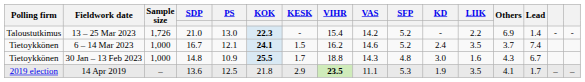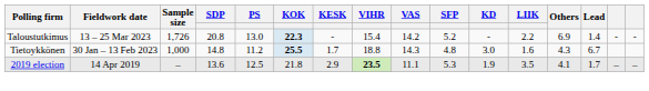 <table class="wikitable sortable mw-datatable" style="text-align:center;font-size:90%;line-height:14px;">
 <tr>
 <th rowspan="2">Polling firm</th>
 <th rowspan="2">Fieldwork date</th>
 <th rowspan="2">Sample<br>size</th>
 <th class="unsortable" style="width:50px;"><a href='#'>SDP</a></th>
 <th class="unsortable" style="width:50px;"><a href='#'>PS</a></th>
 <th class="unsortable" style="width:50px;"><a href='#'>KOK</a></th>
 <th class="unsortable" style="width:50px;"><a href='#'>KESK</a></th>
 <th class="unsortable" style="width:50px;"><a href='#'>VIHR</a></th>
 <th class="unsortable" style="width:50px;"><a href='#'>VAS</a></th>
 <th class="unsortable" style="width:50px;"><a href='#'>SFP</a></th>
 <th class="unsortable" style="width:50px;"><a href='#'>KD</a></th>
 <th class="unsortable" style="width:50px;"><a href='#'>LIIK</a></th>
 <th class="unsortable" style="width:30px;" rowspan="2">Others</th>
 <th class="unsortable" style="width:30px;" rowspan="2">Lead</th>
 <th class="unsortable" style="width:20px;" rowspan="2"></th>
 <th class="unsortable" style="width:20px;" rowspan="2"></th>
 </tr>
 <tr>
 <th data-sort-type="number" style="background:"></th>
 <th data-sort-type="number" style="background:"></th>
 <th data-sort-type="number" style="background:"></th>
 <th data-sort-type="number" style="background:"></th>
 <th data-sort-type="number" style="background:"></th>
 <th data-sort-type="number" style="background:"></th>
 <th data-sort-type="number" style="background:"></th>
 <th data-sort-type="number" style="background:"></th>
 <th data-sort-type="number" style="background:"></th>
 </tr>
 <tr>
 <td>Taloustutkimus</td>
 <td data-sort-value="2023-03-25">13 – 25 Mar 2023</td>
 <td>1,726</td>
-<td>21.0</td>
+<td>20.8</td>
 <td>13.0</td>
 <td style="background:#D9E9F4;"><strong>22.3</strong></td>
 <td>-</td>
 <td>15.4</td>
 <td>14.2</td>
 <td>5.2</td>
 <td>-</td>
 <td>2.2</td>
 <td>6.9</td>
 <td style="background:">1.4</td>
 <td>-</td>
 <td>-</td>
 </tr>
 <tr>
 <td>Tietoykkönen</td>
-<td data-sort-value="2023-03-14">6 – 14 Mar 2023</td>
-<td>1,000</td>
-<td>16.7</td>
-<td>12.1</td>
-<td style="background:#D9E9F4;"><strong>24.1</strong></td>
-<td>1.5</td>
-<td>16.2</td>
-<td>14.6</td>
-<td>5.2</td>
-<td>2.4</td>
-<td>3.5</td>
-<td>3.7</td>
-<td style="background:">7.4</td>
-<td></td>
-<td></td>
-</tr>
-<tr>
-<td>Tietoykkönen</td>
 <td data-sort-value="2023-02-13">30 Jan – 13 Feb 2023</td>
 <td>1,000</td>
 <td>14.8</td>
-<td>10.9</td>
+<td>11.2</td>
 <td style="background:#D9E9F4;"><strong>25.5</strong></td>
 <td>1.7</td>
 <td>18.8</td>
 <td>14.3</td>
 <td>4.8</td>
 <td>3.0</td>
 <td>1.6</td>
 <td>4.3</td>
 <td style="background:">6.7</td>
 <td></td>
 <td></td>
 </tr>
 <tr style="background:#E9E9E9;">
 <td><a href='#'>2019 election</a></td>
 <td data-sort-value="2019-04-14">14 Apr 2019</td>
 <td>–</td>
 <td>13.6</td>
 <td>12.5</td>
 <td>21.8</td>
 <td>2.9</td>
 <td style="background:#cfebba;"><strong>23.5</strong></td>
 <td>11.1</td>
 <td>5.3</td>
 <td>1.9</td>
 <td>3.5</td>
 <td>4.1</td>
 <td style="background:">1.7</td>
 <td>–</td>
 <td>–</td>
 </tr>
 </table>
